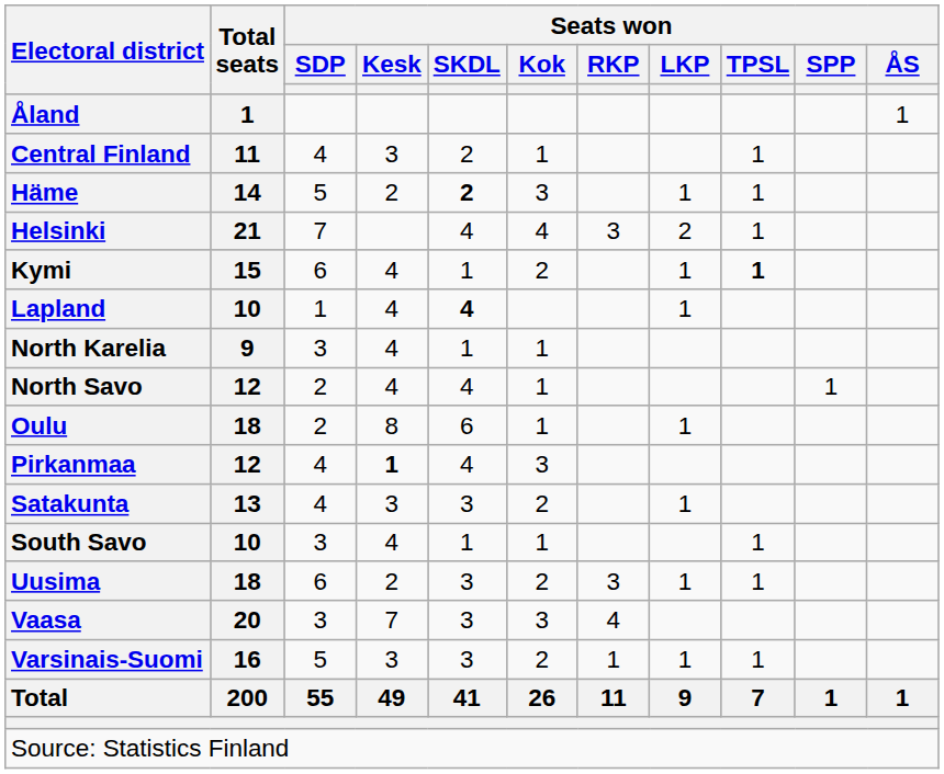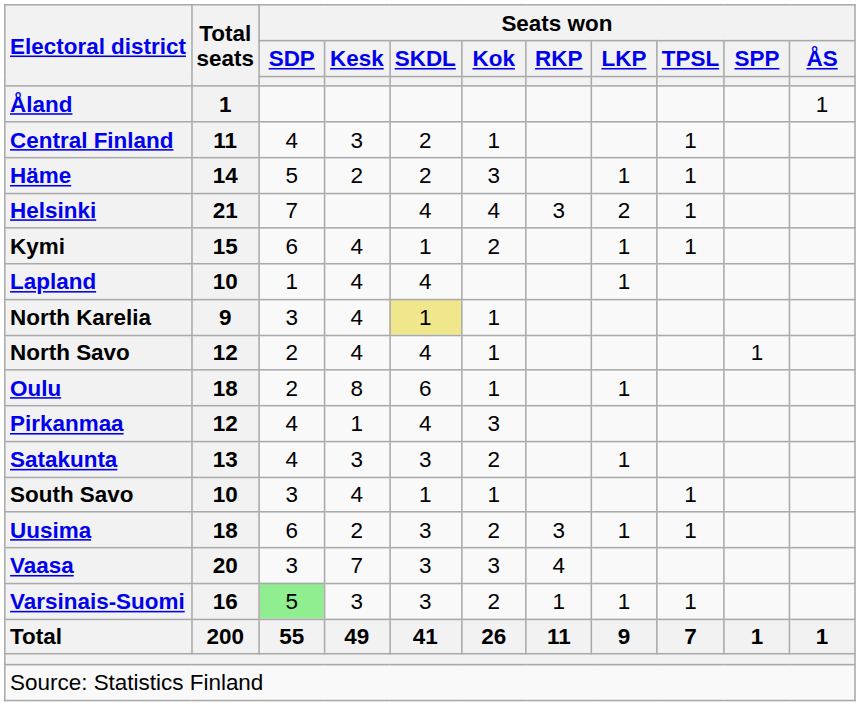 <table class="wikitable" style="text-align:center; font-size: 0.9em;">
 <tr>
 <th rowspan="3"><a href='#'>Electoral district</a></th>
 <th rowspan="3">Total<br>seats</th>
 <th colspan="9">Seats won</th>
 </tr>
 <tr>
 <th class="unsortable" style="width:35px;"><a href='#'>SDP</a></th>
 <th class="unsortable" style="width:35px;"><a href='#'>Kesk</a></th>
 <th class="unsortable" style="width:35px;"><a href='#'>SKDL</a></th>
 <th class="unsortable" style="width:35px;"><a href='#'>Kok</a></th>
 <th class="unsortable" style="width:35px;"><a href='#'>RKP</a></th>
 <th class="unsortable" style="width:35px;"><a href='#'>LKP</a></th>
 <th class="unsortable" style="width:35px;"><a href='#'>TPSL</a></th>
 <th class="unsortable" style="width:35px;"><a href='#'>SPP</a></th>
 <th class="unsortable" style="width:35px;"><a href='#'>ÅS</a></th>
 </tr>
 <tr>
 <th style="background:"></th>
 <th style="background:"></th>
 <th style="background:"></th>
 <th style="background:"></th>
 <th style="background:"></th>
 <th style="background:"></th>
 <th style="background:"></th>
 <th style="background:"></th>
 <th style="background:"></th>
 </tr>
 <tr>
 <th style="text-align: left;"><a href='#'>Åland</a></th>
 <th>1</th>
 <td></td>
 <td></td>
 <td></td>
 <td></td>
 <td></td>
 <td></td>
 <td></td>
 <td></td>
 <td>1</td>
 </tr>
 <tr>
 <th style="text-align: left;"><a href='#'>Central Finland</a></th>
 <th>11</th>
 <td>4</td>
 <td>3</td>
 <td>2</td>
 <td>1</td>
 <td></td>
 <td></td>
 <td>1</td>
 <td></td>
 <td></td>
 </tr>
 <tr>
 <th style="text-align: left;"><a href='#'>Häme</a></th>
 <th>14</th>
 <td>5</td>
 <td>2</td>
-<td><strong>2</strong></td>
+<td>2</td>
 <td>3</td>
 <td></td>
 <td>1</td>
 <td>1</td>
 <td></td>
 <td></td>
 </tr>
 <tr>
 <th style="text-align: left;"><a href='#'>Helsinki</a></th>
 <th>21</th>
 <td>7</td>
 <td></td>
 <td>4</td>
 <td>4</td>
 <td>3</td>
 <td>2</td>
 <td>1</td>
 <td></td>
 <td></td>
 </tr>
 <tr>
 <th style="text-align: left;">Kymi</th>
 <th>15</th>
 <td>6</td>
 <td>4</td>
 <td>1</td>
 <td>2</td>
 <td></td>
 <td>1</td>
-<td><strong>1</strong></td>
+<td>1</td>
 <td></td>
 <td></td>
 </tr>
 <tr>
 <th style="text-align: left;"><a href='#'>Lapland</a></th>
 <th>10</th>
 <td>1</td>
 <td>4</td>
-<td><strong>4</strong></td>
+<td>4</td>
 <td></td>
 <td></td>
 <td>1</td>
 <td></td>
 <td></td>
 <td></td>
 </tr>
 <tr>
 <th style="text-align: left;">North Karelia</th>
 <th>9</th>
 <td>3</td>
 <td>4</td>
-<td>1</td>
+<td style="background: khaki;">1</td>
 <td>1</td>
 <td></td>
 <td></td>
 <td></td>
 <td></td>
 <td></td>
 </tr>
 <tr>
 <th style="text-align: left;">North Savo</th>
 <th>12</th>
 <td>2</td>
 <td>4</td>
 <td>4</td>
 <td>1</td>
 <td></td>
 <td></td>
 <td></td>
 <td>1</td>
 <td></td>
 </tr>
 <tr>
 <th style="text-align: left;"><a href='#'>Oulu</a></th>
 <th>18</th>
 <td>2</td>
 <td>8</td>
 <td>6</td>
 <td>1</td>
 <td></td>
 <td>1</td>
 <td></td>
 <td></td>
 <td></td>
 </tr>
 <tr>
 <th style="text-align: left;"><a href='#'>Pirkanmaa</a></th>
 <th>12</th>
 <td>4</td>
-<td><strong>1</strong></td>
+<td>1</td>
 <td>4</td>
 <td>3</td>
 <td></td>
 <td></td>
 <td></td>
 <td></td>
 <td></td>
 </tr>
 <tr>
 <th style="text-align: left;"><a href='#'>Satakunta</a></th>
 <th>13</th>
 <td>4</td>
 <td>3</td>
 <td>3</td>
 <td>2</td>
 <td></td>
 <td>1</td>
 <td></td>
 <td></td>
 <td></td>
 </tr>
 <tr>
 <th style="text-align: left;">South Savo</th>
 <th>10</th>
 <td>3</td>
 <td>4</td>
 <td>1</td>
 <td>1</td>
 <td></td>
 <td></td>
 <td>1</td>
 <td></td>
 <td></td>
 </tr>
 <tr>
 <th style="text-align: left;"><a href='#'>Uusima</a></th>
 <th>18</th>
 <td>6</td>
 <td>2</td>
 <td>3</td>
 <td>2</td>
 <td>3</td>
 <td>1</td>
 <td>1</td>
 <td></td>
 <td></td>
 </tr>
 <tr>
 <th style="text-align: left;"><a href='#'>Vaasa</a></th>
 <th>20</th>
 <td>3</td>
 <td>7</td>
 <td>3</td>
 <td>3</td>
 <td>4</td>
 <td></td>
 <td></td>
 <td></td>
 <td></td>
 </tr>
 <tr>
 <th style="text-align: left;"><a href='#'>Varsinais-Suomi</a></th>
 <th>16</th>
-<td>5</td>
+<td style="background: lightgreen;">5</td>
 <td>3</td>
 <td>3</td>
 <td>2</td>
 <td>1</td>
 <td>1</td>
 <td>1</td>
 <td></td>
 <td></td>
 </tr>
 <tr class="sortbottom">
 <th style="text-align: left;">Total</th>
 <th>200</th>
 <th>55</th>
 <th>49</th>
 <th>41</th>
 <th>26</th>
 <th>11</th>
 <th>9</th>
 <th>7</th>
 <th>1</th>
 <th>1</th>
 </tr>
 <tr>
 <th colspan="11"></th>
 </tr>
 <tr>
 <td colspan="11" align=left>Source: Statistics Finland</td>
 </tr>
 </table>
